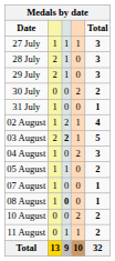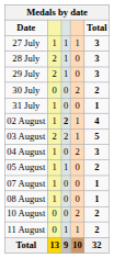 <table class=wikitable style=font-size:85%;float:center;text-align:center>
 <tr bgcolor="#efefef">
 <th colspan=6>Medals by date</th>
 </tr>
 <tr align=center>
 <td><strong>Date</strong></td>
 <td bgcolor=#f7f6a8></td>
 <td bgcolor=#dce5e5></td>
 <td bgcolor=#ffdab9></td>
 <td><strong>Total</strong></td>
 </tr>
 <tr align=center>
 <td>27 July</td>
 <td style="background:#F7F6A8;">1</td>
 <td style="background:#DCE5E5;">1</td>
 <td style="background:#FFDAB9;">1</td>
 <td><strong>3</strong></td>
 </tr>
 <tr align=center>
 <td>28 July</td>
 <td style="background:#F7F6A8;">2</td>
 <td style="background:#DCE5E5;">1</td>
 <td style="background:#FFDAB9;">0</td>
 <td><strong>3</strong></td>
 </tr>
 <tr align=center>
 <td>29 July</td>
 <td style="background:#F7F6A8;">2</td>
 <td style="background:#DCE5E5;">1</td>
 <td style="background:#FFDAB9;">0</td>
 <td><strong>3</strong></td>
 </tr>
 <tr align=center>
 <td>30 July</td>
 <td style="background:#F7F6A8;">0</td>
 <td style="background:#DCE5E5;">0</td>
 <td style="background:#FFDAB9;">2</td>
 <td><strong>2</strong></td>
 </tr>
 <tr align=center>
 <td>31 July</td>
 <td style="background:#F7F6A8;">1</td>
 <td style="background:#DCE5E5;">0</td>
 <td style="background:#FFDAB9;">0</td>
 <td><strong>1</strong></td>
 </tr>
 <tr align=center>
 <td>02 August</td>
 <td style="background:#F7F6A8;">1</td>
-<td style="background:#DCE5E5;">2</td>
+<td style="background:#DCE5E5;"><strong>2</strong></td>
 <td style="background:#FFDAB9;">1</td>
 <td><strong>4</strong></td>
 </tr>
 <tr align=center>
 <td>03 August</td>
 <td style="background:#F7F6A8;">2</td>
-<td style="background:#DCE5E5;"><strong>2</strong></td>
+<td style="background:#DCE5E5;">2</td>
 <td style="background:#FFDAB9;">1</td>
 <td><strong>5</strong></td>
 </tr>
 <tr align=center>
 <td>04 August</td>
 <td style="background:#F7F6A8;">1</td>
 <td style="background:#DCE5E5;">0</td>
 <td style="background:#FFDAB9;">2</td>
 <td><strong>3</strong></td>
 </tr>
 <tr align=center>
 <td>05 August</td>
 <td style="background:#F7F6A8;">1</td>
 <td style="background:#DCE5E5;">1</td>
 <td style="background:#FFDAB9;">0</td>
 <td><strong>2</strong></td>
 </tr>
 <tr align=center>
 <td>07 August</td>
 <td style="background:#F7F6A8;">1</td>
 <td style="background:#DCE5E5;">0</td>
 <td style="background:#FFDAB9;">0</td>
 <td><strong>1</strong></td>
 </tr>
 <tr align=center>
 <td>08 August</td>
 <td style="background:#F7F6A8;">1</td>
-<td style="background:#DCE5E5;"><strong>0</strong></td>
+<td style="background:#DCE5E5;">0</td>
 <td style="background:#FFDAB9;">0</td>
 <td><strong>1</strong></td>
 </tr>
 <tr align=center>
 <td>10 August</td>
 <td style="background:#F7F6A8;">0</td>
 <td style="background:#DCE5E5;">0</td>
 <td style="background:#FFDAB9;">2</td>
 <td><strong>2</strong></td>
 </tr>
 <tr align=center>
 <td>11 August</td>
 <td style="background:#F7F6A8;">0</td>
 <td style="background:#DCE5E5;">1</td>
 <td style="background:#FFDAB9;">1</td>
 <td><strong>2</strong></td>
 </tr>
 <tr align=center>
 <th><strong>Total</strong></th>
 <th style="background:gold;"><strong>13</strong></th>
 <th style="background:silver;"><strong>9</strong></th>
 <th style="background:#c96;"><strong>10</strong></th>
 <th>32</th>
 </tr>
 </table>
